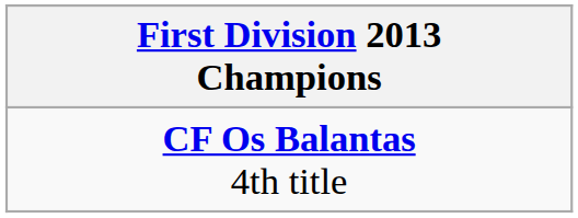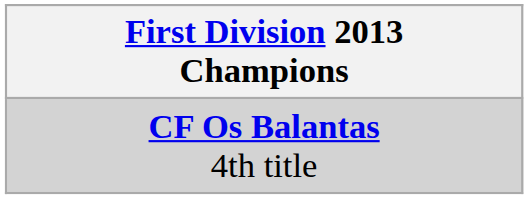 <table class="wikitable" style="margin: 0 auto; width: 240px;">
 <tr>
 <th><a href='#'>First Division</a> 2013<br>Champions</th>
 </tr>
 <tr>
-<td align=center><strong><a href='#'>CF Os Balantas</a></strong><br>4th title</td>
+<td align=center style="background: lightgrey;"><strong><a href='#'>CF Os Balantas</a></strong><br>4th title</td>
 </tr>
 </table>
